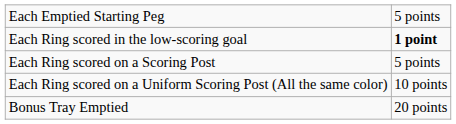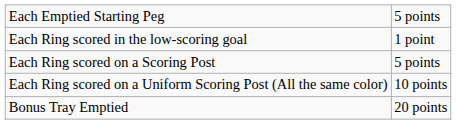 <table class="wikitable" style="float:right">
 <tr>
 <td>Each Emptied Starting Peg</td>
 <td>5 points</td>
 </tr>
 <tr>
 <td>Each Ring scored in the low-scoring goal</td>
-<td><strong>1 point</strong></td>
+<td>1 point</td>
 </tr>
 <tr>
 <td>Each Ring scored on a Scoring Post</td>
 <td>5 points</td>
 </tr>
 <tr>
 <td>Each Ring scored on a Uniform Scoring Post (All the same color)</td>
 <td>10 points</td>
 </tr>
 <tr>
 <td>Bonus Tray Emptied</td>
 <td>20 points</td>
 </tr>
 </table>
